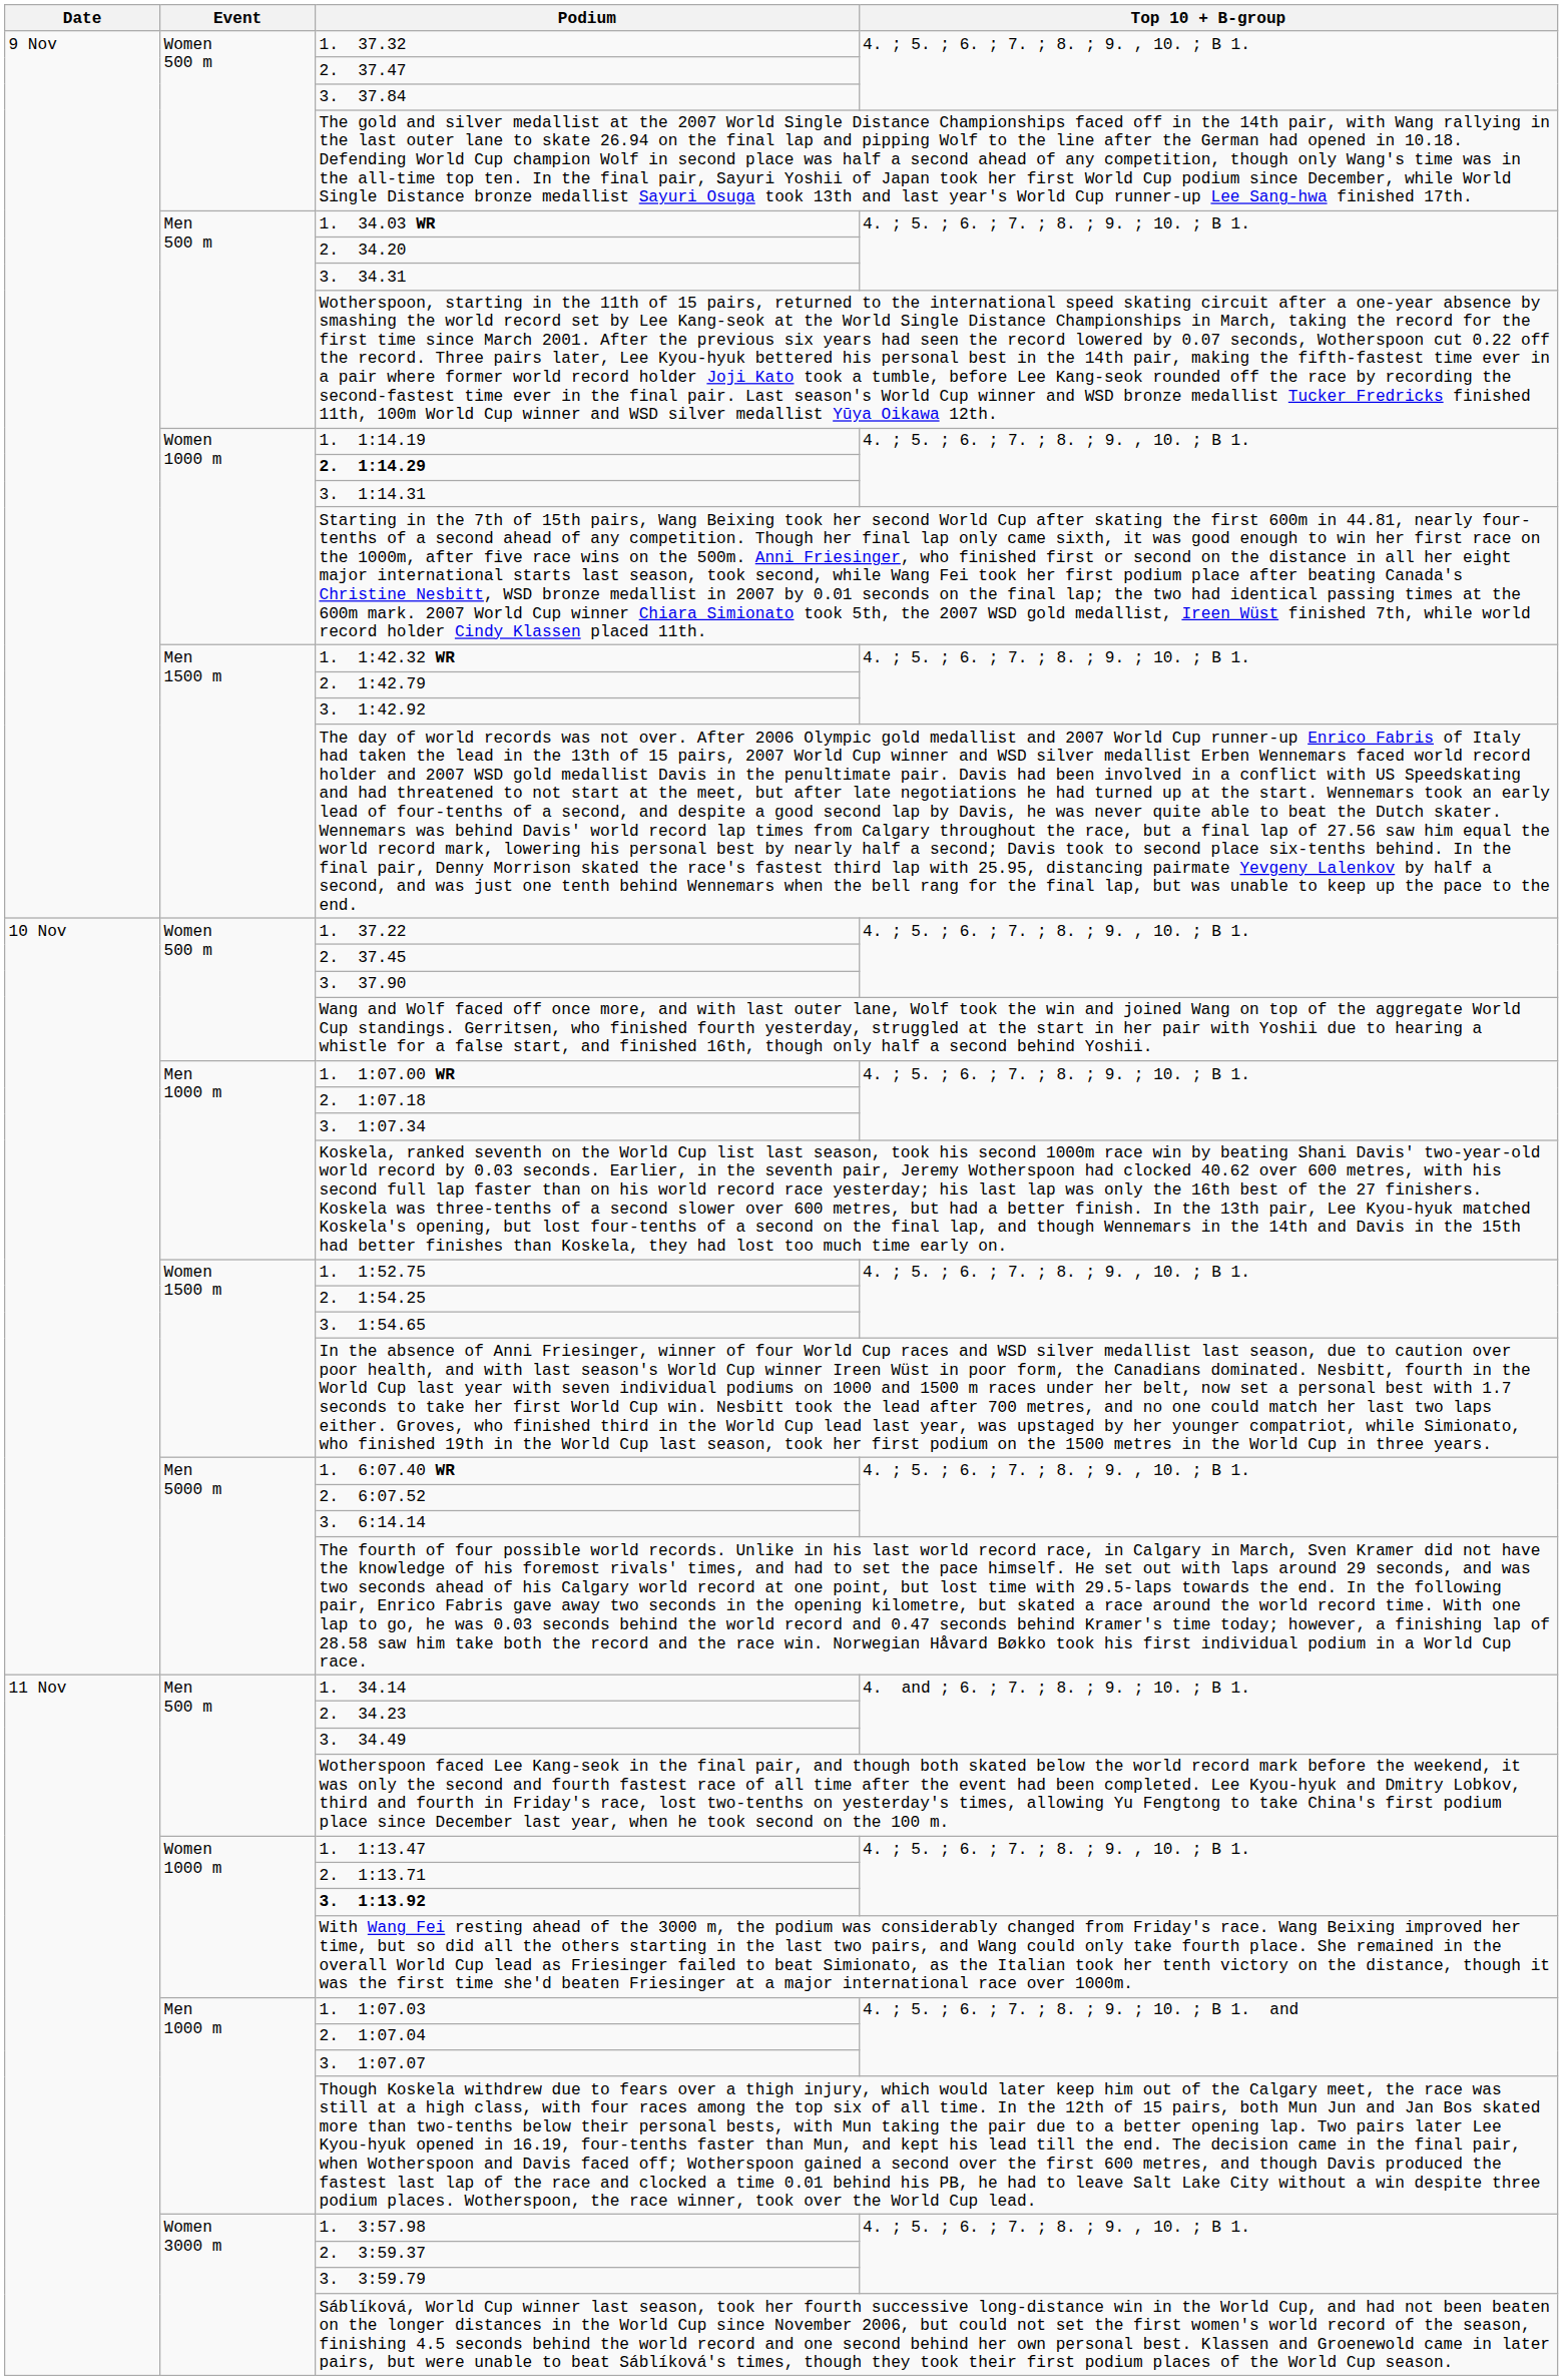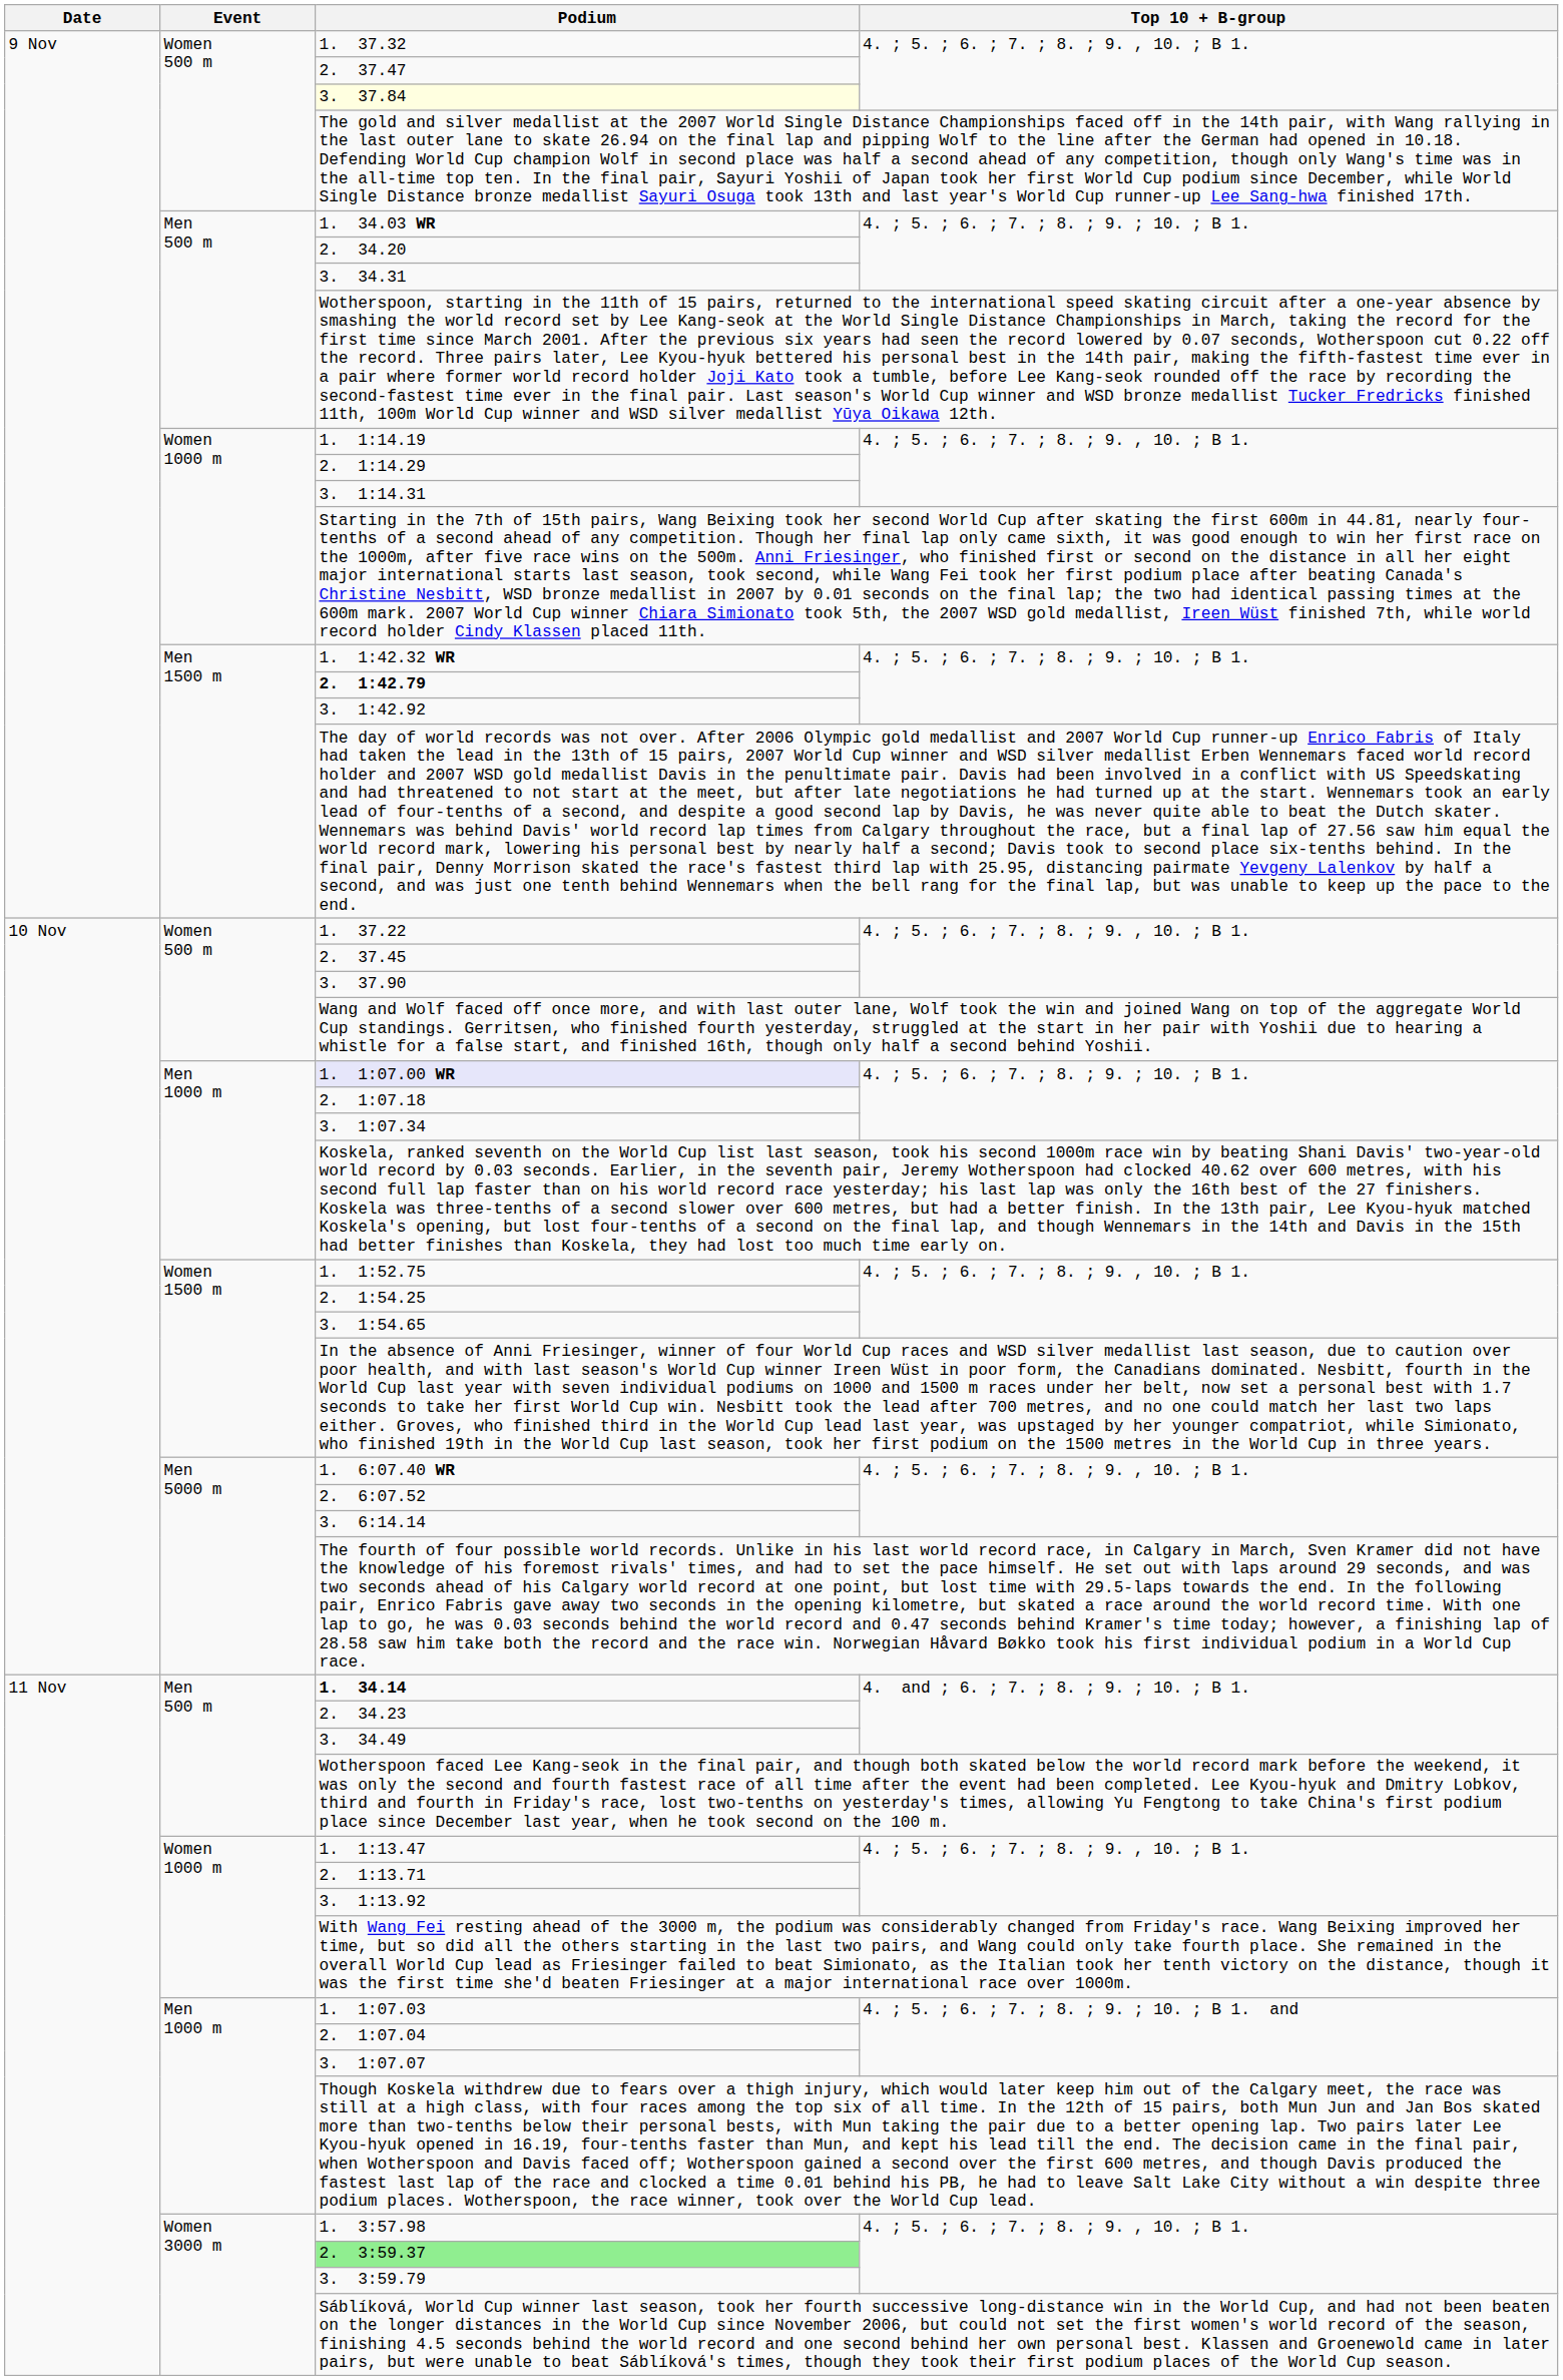 <table class="wikitable">
 <tr>
 <th width="10%">Date</th>
 <th width="10%">Event</th>
 <th width="35%">Podium</th>
 <th width="45%">Top 10 + B-group<br></th>
 </tr>
 <tr valign="top">
 <td rowspan="16">9 Nov</td>
 <td rowspan="4">Women<br>500 m<br></td>
 <td>1.  37.32</td>
 <td rowspan="3">4. ; 5. ; 6. ; 7. ; 8. ; 9. , 10. ; B 1. </td>
 </tr>
 <tr>
 <td>2.  37.47</td>
 </tr>
 <tr>
-<td>3.  37.84</td>
+<td style="background: lightyellow;">3.  37.84</td>
 </tr>
 <tr>
 <td colspan="2">The gold and silver medallist at the 2007 World Single Distance Championships faced off in the 14th pair, with Wang rallying in the last outer lane to skate 26.94 on the final lap and pipping Wolf to the line after the German had opened in 10.18. Defending World Cup champion Wolf in second place was half a second ahead of any competition, though only Wang's time was in the all-time top ten. In the final pair, Sayuri Yoshii of Japan took her first World Cup podium since December, while World Single Distance bronze medallist <a href='#'>Sayuri Osuga</a> took 13th and last year's World Cup runner-up <a href='#'>Lee Sang-hwa</a> finished 17th.</td>
 </tr>
 <tr valign="top">
 <td rowspan="4">Men<br>500 m<br></td>
 <td>1.  34.03 <strong>WR</strong></td>
 <td rowspan="3">4. ; 5. ; 6. ; 7. ; 8. ; 9. ; 10. ; B 1. </td>
 </tr>
 <tr>
 <td>2.  34.20</td>
 </tr>
 <tr>
 <td>3.  34.31</td>
 </tr>
 <tr>
 <td colspan=2>Wotherspoon, starting in the 11th of 15 pairs, returned to the international speed skating circuit after a one-year absence by smashing the world record set by Lee Kang-seok at the World Single Distance Championships in March, taking the record for the first time since March 2001. After the previous six years had seen the record lowered by 0.07 seconds, Wotherspoon cut 0.22 off the record. Three pairs later, Lee Kyou-hyuk bettered his personal best in the 14th pair, making the fifth-fastest time ever in a pair where former world record holder <a href='#'>Joji Kato</a> took a tumble, before Lee Kang-seok rounded off the race by recording the second-fastest time ever in the final pair. Last season's World Cup winner and WSD bronze medallist <a href='#'>Tucker Fredricks</a> finished 11th, 100m World Cup winner and WSD silver medallist <a href='#'>Yūya Oikawa</a> 12th.</td>
 </tr>
 <tr valign="top">
 <td rowspan="4">Women<br>1000 m<br></td>
 <td>1.  1:14.19</td>
 <td rowspan="3">4. ; 5. ; 6. ; 7. ; 8. ; 9. , 10. ; B 1. </td>
 </tr>
 <tr>
-<td><strong>2.  1:14.29</strong></td>
+<td>2.  1:14.29</td>
 </tr>
 <tr>
 <td>3.  1:14.31</td>
 </tr>
 <tr>
 <td colspan="2">Starting in the 7th of 15th pairs, Wang Beixing took her second World Cup after skating the first 600m in 44.81, nearly four-tenths of a second ahead of any competition. Though her final lap only came sixth, it was good enough to win her first race on the 1000m, after five race wins on the 500m. <a href='#'>Anni Friesinger</a>, who finished first or second on the distance in all her eight major international starts last season, took second, while Wang Fei took her first podium place after beating Canada's <a href='#'>Christine Nesbitt</a>, WSD bronze medallist in 2007 by 0.01 seconds on the final lap; the two had identical passing times at the 600m mark. 2007 World Cup winner <a href='#'>Chiara Simionato</a> took 5th, the 2007 WSD gold medallist, <a href='#'>Ireen Wüst</a> finished 7th, while world record holder <a href='#'>Cindy Klassen</a> placed 11th.</td>
 </tr>
 <tr valign="top">
 <td rowspan="4">Men<br>1500 m<br></td>
 <td>1.  1:42.32 <strong>WR</strong></td>
 <td rowspan="3">4. ; 5. ; 6. ; 7. ; 8. ; 9. ; 10. ; B 1. </td>
 </tr>
 <tr>
-<td>2.  1:42.79</td>
+<td><strong>2.  1:42.79</strong></td>
 </tr>
 <tr>
 <td>3.  1:42.92</td>
 </tr>
 <tr>
 <td colspan=2>The day of world records was not over. After 2006 Olympic gold medallist and 2007 World Cup runner-up <a href='#'>Enrico Fabris</a> of Italy had taken the lead in the 13th of 15 pairs, 2007 World Cup winner and WSD silver medallist Erben Wennemars faced world record holder and 2007 WSD gold medallist Davis in the penultimate pair. Davis had been involved in a conflict with US Speedskating and had threatened to not start at the meet, but after late negotiations he had turned up at the start. Wennemars took an early lead of four-tenths of a second, and despite a good second lap by Davis, he was never quite able to beat the Dutch skater. Wennemars was behind Davis' world record lap times from Calgary throughout the race, but a final lap of 27.56 saw him equal the world record mark, lowering his personal best by nearly half a second; Davis took to second place six-tenths behind. In the final pair, Denny Morrison skated the race's fastest third lap with 25.95, distancing pairmate <a href='#'>Yevgeny Lalenkov</a> by half a second, and was just one tenth behind Wennemars when the bell rang for the final lap, but was unable to keep up the pace to the end.<br></td>
 </tr>
 <tr valign="top">
 <td rowspan="16">10 Nov</td>
 <td rowspan="4">Women<br>500 m<br></td>
 <td>1.  37.22</td>
 <td rowspan="3">4. ; 5. ; 6. ; 7. ; 8. ; 9. , 10. ; B 1. </td>
 </tr>
 <tr>
 <td>2.  37.45</td>
 </tr>
 <tr>
 <td>3.  37.90</td>
 </tr>
 <tr>
 <td colspan="2">Wang and Wolf faced off once more, and with last outer lane, Wolf took the win and joined Wang on top of the aggregate World Cup standings. Gerritsen, who finished fourth yesterday, struggled at the start in her pair with Yoshii due to hearing a whistle for a false start, and finished 16th, though only half a second behind Yoshii.</td>
 </tr>
 <tr valign="top">
 <td rowspan="4">Men<br>1000 m<br></td>
-<td>1.  1:07.00 <strong>WR</strong></td>
+<td style="background: lavender;">1.  1:07.00 <strong>WR</strong></td>
 <td rowspan="3">4. ; 5. ; 6. ; 7. ; 8. ; 9. ; 10. ; B 1. </td>
 </tr>
 <tr>
 <td>2.  1:07.18</td>
 </tr>
 <tr>
 <td>3.  1:07.34</td>
 </tr>
 <tr>
 <td colspan=2>Koskela, ranked seventh on the World Cup list last season, took his second 1000m race win by beating Shani Davis' two-year-old world record by 0.03 seconds. Earlier, in the seventh pair, Jeremy Wotherspoon had clocked 40.62 over 600 metres, with his second full lap faster than on his world record race yesterday; his last lap was only the 16th best of the 27 finishers. Koskela was three-tenths of a second slower over 600 metres, but had a better finish. In the 13th pair, Lee Kyou-hyuk matched Koskela's opening, but lost four-tenths of a second on the final lap, and though Wennemars in the 14th and Davis in the 15th had better finishes than Koskela, they had lost too much time early on.</td>
 </tr>
 <tr valign="top">
 <td rowspan="4">Women<br>1500 m<br></td>
 <td>1.  1:52.75</td>
 <td rowspan="3">4. ; 5. ; 6. ; 7. ; 8. ; 9. , 10. ; B 1. </td>
 </tr>
 <tr>
 <td>2.  1:54.25</td>
 </tr>
 <tr>
 <td>3.  1:54.65</td>
 </tr>
 <tr>
 <td colspan=2>In the absence of Anni Friesinger, winner of four World Cup races and WSD silver medallist last season, due to caution over poor health, and with last season's World Cup winner Ireen Wüst in poor form, the Canadians dominated. Nesbitt, fourth in the World Cup last year with seven individual podiums on 1000 and 1500 m races under her belt, now set a personal best with 1.7 seconds to take her first World Cup win. Nesbitt took the lead after 700 metres, and no one could match her last two laps either. Groves, who finished third in the World Cup lead last year, was upstaged by her younger compatriot, while Simionato, who finished 19th in the World Cup last season, took her first podium on the 1500 metres in the World Cup in three years.</td>
 </tr>
 <tr valign="top">
 <td rowspan="4">Men<br>5000 m<br></td>
 <td>1.  6:07.40 <strong>WR</strong></td>
 <td rowspan="3">4. ; 5. ; 6. ; 7. ; 8. ; 9. , 10. ; B 1. </td>
 </tr>
 <tr>
 <td>2.  6:07.52</td>
 </tr>
 <tr>
 <td>3.  6:14.14</td>
 </tr>
 <tr>
 <td colspan="2">The fourth of four possible world records. Unlike in his last world record race, in Calgary in March, Sven Kramer did not have the knowledge of his foremost rivals' times, and had to set the pace himself. He set out with laps around 29 seconds, and was two seconds ahead of his Calgary world record at one point, but lost time with 29.5-laps towards the end. In the following pair, Enrico Fabris gave away two seconds in the opening kilometre, but skated a race around the world record time. With one lap to go, he was 0.03 seconds behind the world record and 0.47 seconds behind Kramer's time today; however, a finishing lap of 28.58 saw him take both the record and the race win. Norwegian Håvard Bøkko took his first individual podium in a World Cup race.<br></td>
 </tr>
 <tr valign="top">
 <td rowspan="16">11 Nov</td>
 <td rowspan="4">Men<br>500 m<br></td>
-<td>1.  34.14</td>
+<td><strong>1.  34.14</strong></td>
 <td rowspan="3">4.  and ; 6. ; 7. ; 8. ; 9. ; 10. ; B 1. </td>
 </tr>
 <tr>
 <td>2.  34.23</td>
 </tr>
 <tr>
 <td>3.  34.49</td>
 </tr>
 <tr>
 <td colspan=2>Wotherspoon faced Lee Kang-seok in the final pair, and though both skated below the world record mark before the weekend, it was only the second and fourth fastest race of all time after the event had been completed. Lee Kyou-hyuk and Dmitry Lobkov, third and fourth in Friday's race, lost two-tenths on yesterday's times, allowing Yu Fengtong to take China's first podium place since December last year, when he took second on the 100 m.</td>
 </tr>
 <tr valign="top">
 <td rowspan="4">Women<br>1000 m<br></td>
 <td>1.  1:13.47</td>
 <td rowspan="3">4. ; 5. ; 6. ; 7. ; 8. ; 9. , 10. ; B 1. </td>
 </tr>
 <tr>
 <td>2.  1:13.71</td>
 </tr>
 <tr>
-<td><strong>3.  1:13.92</strong></td>
+<td>3.  1:13.92</td>
 </tr>
 <tr>
 <td colspan="2">With <a href='#'>Wang Fei</a> resting ahead of the 3000 m, the podium was considerably changed from Friday's race. Wang Beixing improved her time, but so did all the others starting in the last two pairs, and Wang could only take fourth place. She remained in the overall World Cup lead as Friesinger failed to beat Simionato, as the Italian took her tenth victory on the distance, though it was the first time she'd beaten Friesinger at a major international race over 1000m.</td>
 </tr>
 <tr valign="top">
 <td rowspan="4">Men<br>1000 m<br></td>
 <td>1.  1:07.03</td>
 <td rowspan="3">4. ; 5. ; 6. ; 7. ; 8. ; 9. ; 10. ; B 1.  and </td>
 </tr>
 <tr>
 <td>2.  1:07.04</td>
 </tr>
 <tr>
 <td>3.  1:07.07</td>
 </tr>
 <tr>
 <td colspan=2>Though Koskela withdrew due to fears over a thigh injury, which would later keep him out of the Calgary meet, the race was still at a high class, with four races among the top six of all time. In the 12th of 15 pairs, both Mun Jun and Jan Bos skated more than two-tenths below their personal bests, with Mun taking the pair due to a better opening lap. Two pairs later Lee Kyou-hyuk opened in 16.19, four-tenths faster than Mun, and kept his lead till the end. The decision came in the final pair, when Wotherspoon and Davis faced off; Wotherspoon gained a second over the first 600 metres, and though Davis produced the fastest last lap of the race and clocked a time 0.01 behind his PB, he had to leave Salt Lake City without a win despite three podium places. Wotherspoon, the race winner, took over the World Cup lead.</td>
 </tr>
 <tr valign="top">
 <td rowspan="4">Women<br>3000 m<br></td>
 <td>1.  3:57.98</td>
 <td rowspan="3">4. ; 5. ; 6. ; 7. ; 8. ; 9. , 10. ; B 1. </td>
 </tr>
 <tr>
-<td>2.  3:59.37</td>
+<td style="background: lightgreen;">2.  3:59.37</td>
 </tr>
 <tr>
 <td>3.  3:59.79</td>
 </tr>
 <tr>
 <td colspan=2>Sáblíková, World Cup winner last season, took her fourth successive long-distance win in the World Cup, and had not been beaten on the longer distances in the World Cup since November 2006, but could not set the first women's world record of the season, finishing 4.5 seconds behind the world record and one second behind her own personal best. Klassen and Groenewold came in later pairs, but were unable to beat Sáblíková's times, though they took their first podium places of the World Cup season.</td>
 </tr>
 <tr>
 </tr>
 </table>
